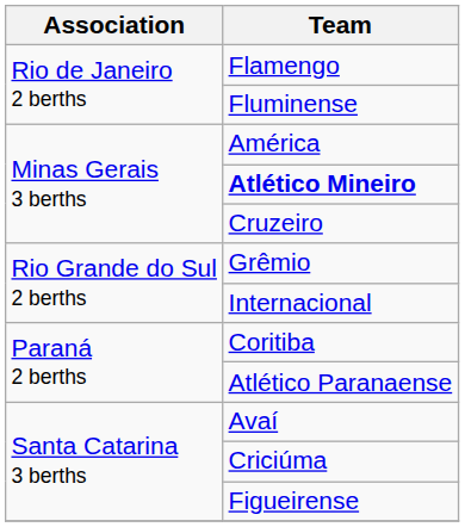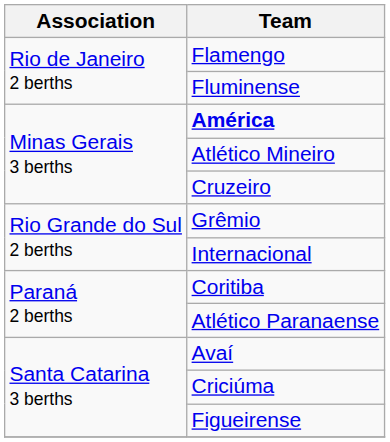 <table class="wikitable">
 <tr>
 <th>Association</th>
 <th>Team </th>
 </tr>
 <tr>
 <td rowspan="2"> <a href='#'>Rio de Janeiro</a><br><small>2 berths</small></td>
 <td><a href='#'>Flamengo</a></td>
 </tr>
 <tr>
 <td><a href='#'>Fluminense</a></td>
 </tr>
 <tr>
 <td rowspan="3"> <a href='#'>Minas Gerais</a><br><small>3 berths</small></td>
-<td><a href='#'>América</a></td>
+<td><strong><a href='#'>América</a></strong></td>
 </tr>
 <tr>
-<td><strong><a href='#'>Atlético Mineiro</a></strong></td>
+<td><a href='#'>Atlético Mineiro</a></td>
 </tr>
 <tr>
 <td><a href='#'>Cruzeiro</a></td>
 </tr>
 <tr>
 <td rowspan="2"> <a href='#'>Rio Grande do Sul</a><br><small>2 berths</small></td>
 <td><a href='#'>Grêmio</a></td>
 </tr>
 <tr>
 <td><a href='#'>Internacional</a></td>
 </tr>
 <tr>
 <td rowspan="2"> <a href='#'>Paraná</a><br><small>2 berths</small></td>
 <td><a href='#'>Coritiba</a></td>
 </tr>
 <tr>
 <td><a href='#'>Atlético Paranaense</a></td>
 </tr>
 <tr>
 <td rowspan="3"> <a href='#'>Santa Catarina</a><br><small>3 berths</small></td>
 <td><a href='#'>Avaí</a></td>
 </tr>
 <tr>
 <td><a href='#'>Criciúma</a></td>
 </tr>
 <tr>
 <td><a href='#'>Figueirense</a></td>
 </tr>
 <tr>
 </tr>
 </table>
